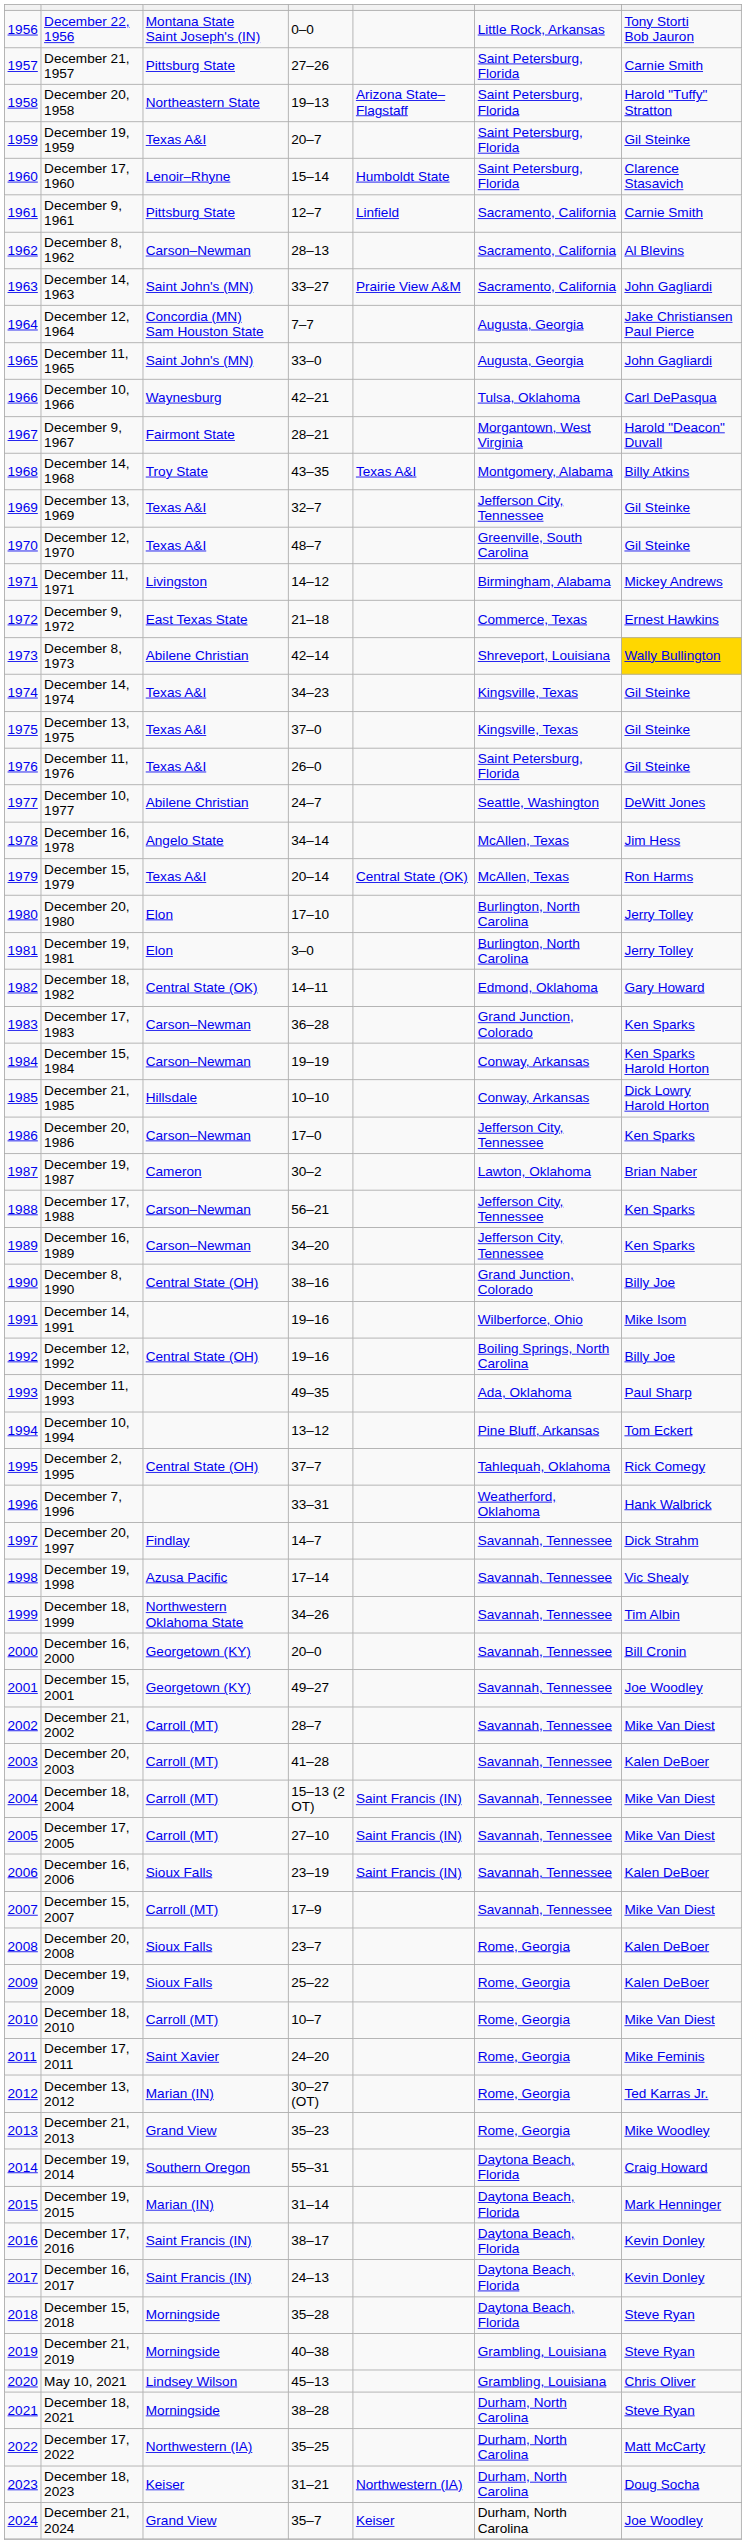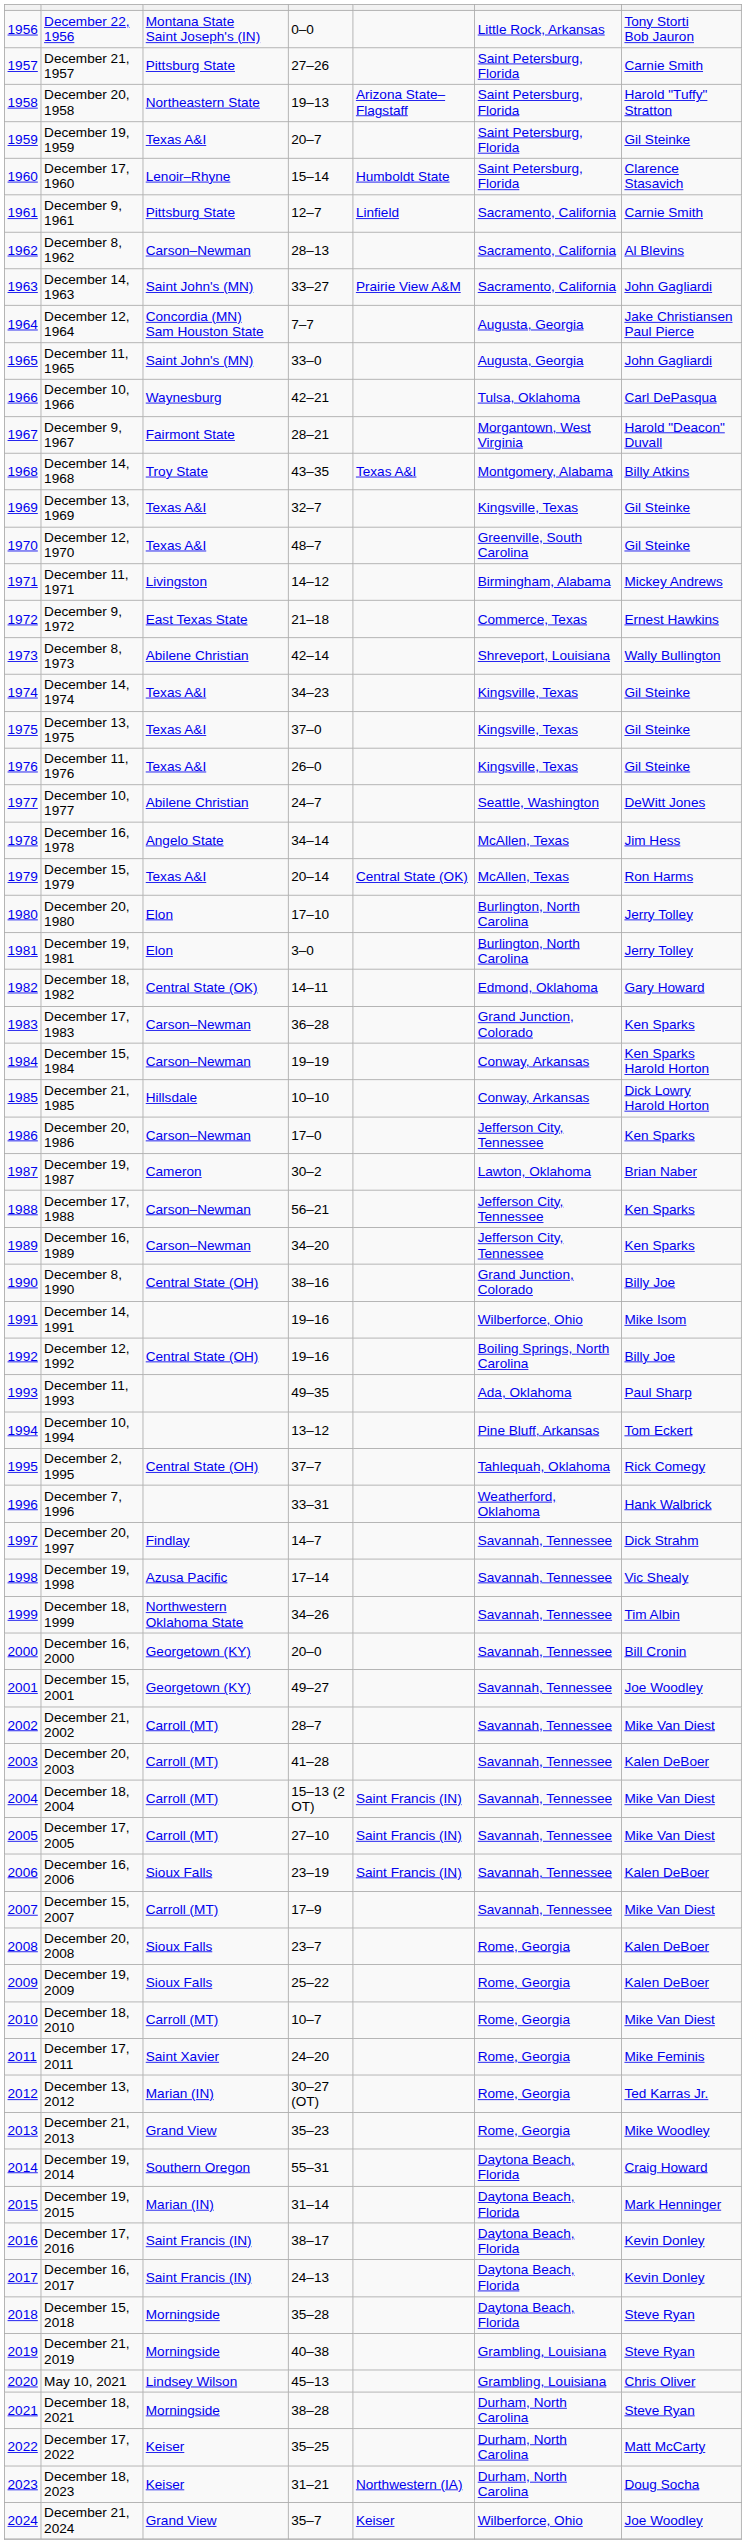 <table class="wikitable sortable">
 <tr>
 <th></th>
 <th></th>
 <th></th>
 <th></th>
 <th></th>
 <th></th>
 <th></th>
 </tr>
 <tr>
 <td><a href='#'>1956</a></td>
 <td><a href='#'>December 22, 1956</a></td>
 <td><a href='#'>Montana State</a><br> <a href='#'>Saint Joseph's (IN)</a></td>
 <td>0–0</td>
 <td></td>
 <td><a href='#'>Little Rock, Arkansas</a></td>
 <td><a href='#'>Tony Storti</a><br><a href='#'>Bob Jauron</a></td>
 </tr>
 <tr>
 <td><a href='#'>1957</a></td>
 <td>December 21, 1957</td>
 <td><a href='#'>Pittsburg State</a></td>
 <td>27–26</td>
 <td></td>
 <td><a href='#'>Saint Petersburg, Florida</a></td>
 <td><a href='#'>Carnie Smith</a></td>
 </tr>
 <tr>
 <td><a href='#'>1958</a></td>
 <td>December 20, 1958</td>
 <td><a href='#'>Northeastern State</a></td>
 <td>19–13</td>
 <td><a href='#'>Arizona State–Flagstaff</a></td>
 <td><a href='#'>Saint Petersburg, Florida</a></td>
 <td><a href='#'>Harold "Tuffy" Stratton</a></td>
 </tr>
 <tr>
 <td><a href='#'>1959</a></td>
 <td>December 19, 1959</td>
 <td><a href='#'>Texas A&I</a></td>
 <td>20–7</td>
 <td></td>
 <td><a href='#'>Saint Petersburg, Florida</a></td>
 <td><a href='#'>Gil Steinke</a></td>
 </tr>
 <tr>
 <td><a href='#'>1960</a></td>
 <td>December 17, 1960</td>
 <td><a href='#'>Lenoir–Rhyne</a></td>
 <td>15–14</td>
 <td><a href='#'>Humboldt State</a></td>
 <td><a href='#'>Saint Petersburg, Florida</a></td>
 <td><a href='#'>Clarence Stasavich</a></td>
 </tr>
 <tr>
 <td><a href='#'>1961</a></td>
 <td>December 9, 1961</td>
 <td><a href='#'>Pittsburg State</a></td>
 <td>12–7</td>
 <td><a href='#'>Linfield</a></td>
 <td><a href='#'>Sacramento, California</a></td>
 <td><a href='#'>Carnie Smith</a></td>
 </tr>
 <tr>
 <td><a href='#'>1962</a></td>
 <td>December 8, 1962</td>
 <td><a href='#'>Carson–Newman</a></td>
 <td>28–13</td>
 <td></td>
 <td><a href='#'>Sacramento, California</a></td>
 <td><a href='#'>Al Blevins</a></td>
 </tr>
 <tr>
 <td><a href='#'>1963</a></td>
 <td>December 14, 1963</td>
 <td><a href='#'>Saint John's (MN)</a></td>
 <td>33–27</td>
 <td><a href='#'>Prairie View A&M</a></td>
 <td><a href='#'>Sacramento, California</a></td>
 <td><a href='#'>John Gagliardi</a></td>
 </tr>
 <tr>
 <td><a href='#'>1964</a></td>
 <td>December 12, 1964</td>
 <td><a href='#'>Concordia (MN)</a><br><a href='#'>Sam Houston State</a></td>
 <td>7–7</td>
 <td></td>
 <td><a href='#'>Augusta, Georgia</a></td>
 <td><a href='#'>Jake Christiansen</a><br><a href='#'>Paul Pierce</a></td>
 </tr>
 <tr>
 <td><a href='#'>1965</a></td>
 <td>December 11, 1965</td>
 <td><a href='#'>Saint John's (MN)</a></td>
 <td>33–0</td>
 <td></td>
 <td><a href='#'>Augusta, Georgia</a></td>
 <td><a href='#'>John Gagliardi</a></td>
 </tr>
 <tr>
 <td><a href='#'>1966</a></td>
 <td>December 10, 1966</td>
 <td><a href='#'>Waynesburg</a></td>
 <td>42–21</td>
 <td></td>
 <td><a href='#'>Tulsa, Oklahoma</a></td>
 <td><a href='#'>Carl DePasqua</a></td>
 </tr>
 <tr>
 <td><a href='#'>1967</a></td>
 <td>December 9, 1967</td>
 <td><a href='#'>Fairmont State</a></td>
 <td>28–21</td>
 <td></td>
 <td><a href='#'>Morgantown, West Virginia</a></td>
 <td><a href='#'>Harold "Deacon" Duvall</a></td>
 </tr>
 <tr>
 <td><a href='#'>1968</a></td>
 <td>December 14, 1968</td>
 <td><a href='#'>Troy State</a></td>
 <td>43–35</td>
 <td><a href='#'>Texas A&I</a></td>
 <td><a href='#'>Montgomery, Alabama</a></td>
 <td><a href='#'>Billy Atkins</a></td>
 </tr>
 <tr>
 <td><a href='#'>1969</a></td>
 <td>December 13, 1969</td>
 <td><a href='#'>Texas A&I</a></td>
 <td>32–7</td>
 <td></td>
-<td><a href='#'>Jefferson City, Tennessee</a></td>
+<td><a href='#'>Kingsville, Texas</a></td>
 <td><a href='#'>Gil Steinke</a></td>
 </tr>
 <tr>
 <td><a href='#'>1970</a></td>
 <td>December 12, 1970</td>
 <td><a href='#'>Texas A&I</a></td>
 <td>48–7</td>
 <td></td>
 <td><a href='#'>Greenville, South Carolina</a></td>
 <td><a href='#'>Gil Steinke</a></td>
 </tr>
 <tr>
 <td><a href='#'>1971</a></td>
 <td>December 11, 1971</td>
 <td><a href='#'>Livingston</a></td>
 <td>14–12</td>
 <td></td>
 <td><a href='#'>Birmingham, Alabama</a></td>
 <td><a href='#'>Mickey Andrews</a></td>
 </tr>
 <tr>
 <td><a href='#'>1972</a></td>
 <td>December 9, 1972</td>
 <td><a href='#'>East Texas State</a></td>
 <td>21–18</td>
 <td></td>
 <td><a href='#'>Commerce, Texas</a></td>
 <td><a href='#'>Ernest Hawkins</a></td>
 </tr>
 <tr>
 <td><a href='#'>1973</a></td>
 <td>December 8, 1973</td>
 <td><a href='#'>Abilene Christian</a></td>
 <td>42–14</td>
 <td></td>
 <td><a href='#'>Shreveport, Louisiana</a></td>
-<td style="background: gold;"><a href='#'>Wally Bullington</a></td>
+<td><a href='#'>Wally Bullington</a></td>
 </tr>
 <tr>
 <td><a href='#'>1974</a></td>
 <td>December 14, 1974</td>
 <td><a href='#'>Texas A&I</a></td>
 <td>34–23</td>
 <td></td>
 <td><a href='#'>Kingsville, Texas</a></td>
 <td><a href='#'>Gil Steinke</a></td>
 </tr>
 <tr>
 <td><a href='#'>1975</a></td>
 <td>December 13, 1975</td>
 <td><a href='#'>Texas A&I</a></td>
 <td>37–0</td>
 <td></td>
 <td><a href='#'>Kingsville, Texas</a></td>
 <td><a href='#'>Gil Steinke</a></td>
 </tr>
 <tr>
 <td><a href='#'>1976</a></td>
 <td>December 11, 1976</td>
 <td><a href='#'>Texas A&I</a></td>
 <td>26–0</td>
 <td></td>
-<td><a href='#'>Saint Petersburg, Florida</a></td>
+<td><a href='#'>Kingsville, Texas</a></td>
 <td><a href='#'>Gil Steinke</a></td>
 </tr>
 <tr>
 <td><a href='#'>1977</a></td>
 <td>December 10, 1977</td>
 <td><a href='#'>Abilene Christian</a></td>
 <td>24–7</td>
 <td></td>
 <td><a href='#'>Seattle, Washington</a></td>
 <td><a href='#'>DeWitt Jones</a></td>
 </tr>
 <tr>
 <td><a href='#'>1978</a></td>
 <td>December 16, 1978</td>
 <td><a href='#'>Angelo State</a></td>
 <td>34–14</td>
 <td></td>
 <td><a href='#'>McAllen, Texas</a></td>
 <td><a href='#'>Jim Hess</a></td>
 </tr>
 <tr>
 <td><a href='#'>1979</a></td>
 <td>December 15, 1979</td>
 <td><a href='#'>Texas A&I</a></td>
 <td>20–14</td>
 <td><a href='#'>Central State (OK)</a></td>
 <td><a href='#'>McAllen, Texas</a></td>
 <td><a href='#'>Ron Harms</a></td>
 </tr>
 <tr>
 <td><a href='#'>1980</a></td>
 <td>December 20, 1980</td>
 <td><a href='#'>Elon</a></td>
 <td>17–10</td>
 <td></td>
 <td><a href='#'>Burlington, North Carolina</a></td>
 <td><a href='#'>Jerry Tolley</a></td>
 </tr>
 <tr>
 <td><a href='#'>1981</a></td>
 <td>December 19, 1981</td>
 <td><a href='#'>Elon</a></td>
 <td>3–0</td>
 <td></td>
 <td><a href='#'>Burlington, North Carolina</a></td>
 <td><a href='#'>Jerry Tolley</a></td>
 </tr>
 <tr>
 <td><a href='#'>1982</a></td>
 <td>December 18, 1982</td>
 <td><a href='#'>Central State (OK)</a></td>
 <td>14–11</td>
 <td></td>
 <td><a href='#'>Edmond, Oklahoma</a></td>
 <td><a href='#'>Gary Howard</a></td>
 </tr>
 <tr>
 <td><a href='#'>1983</a></td>
 <td>December 17, 1983</td>
 <td><a href='#'>Carson–Newman</a></td>
 <td>36–28</td>
 <td></td>
 <td><a href='#'>Grand Junction, Colorado</a></td>
 <td><a href='#'>Ken Sparks</a></td>
 </tr>
 <tr>
 <td><a href='#'>1984</a></td>
 <td>December 15, 1984</td>
 <td><a href='#'>Carson–Newman</a><br></td>
 <td>19–19</td>
 <td></td>
 <td><a href='#'>Conway, Arkansas</a></td>
 <td><a href='#'>Ken Sparks</a><br><a href='#'>Harold Horton</a></td>
 </tr>
 <tr>
 <td><a href='#'>1985</a></td>
 <td>December 21, 1985</td>
 <td><a href='#'>Hillsdale</a><br></td>
 <td>10–10</td>
 <td></td>
 <td><a href='#'>Conway, Arkansas</a></td>
 <td><a href='#'>Dick Lowry</a><br><a href='#'>Harold Horton</a></td>
 </tr>
 <tr>
 <td><a href='#'>1986</a></td>
 <td>December 20, 1986</td>
 <td><a href='#'>Carson–Newman</a></td>
 <td>17–0</td>
 <td></td>
 <td><a href='#'>Jefferson City, Tennessee</a></td>
 <td><a href='#'>Ken Sparks</a></td>
 </tr>
 <tr>
 <td><a href='#'>1987</a></td>
 <td>December 19, 1987</td>
 <td><a href='#'>Cameron</a></td>
 <td>30–2</td>
 <td></td>
 <td><a href='#'>Lawton, Oklahoma</a></td>
 <td><a href='#'>Brian Naber</a></td>
 </tr>
 <tr>
 <td><a href='#'>1988</a></td>
 <td>December 17, 1988</td>
 <td><a href='#'>Carson–Newman</a></td>
 <td>56–21</td>
 <td></td>
 <td><a href='#'>Jefferson City, Tennessee</a></td>
 <td><a href='#'>Ken Sparks</a></td>
 </tr>
 <tr>
 <td><a href='#'>1989</a></td>
 <td>December 16, 1989</td>
 <td><a href='#'>Carson–Newman</a></td>
 <td>34–20</td>
 <td></td>
 <td><a href='#'>Jefferson City, Tennessee</a></td>
 <td><a href='#'>Ken Sparks</a></td>
 </tr>
 <tr>
 <td><a href='#'>1990</a></td>
 <td>December 8, 1990</td>
 <td><a href='#'>Central State (OH)</a></td>
 <td>38–16</td>
 <td></td>
 <td><a href='#'>Grand Junction, Colorado</a></td>
 <td><a href='#'>Billy Joe</a></td>
 </tr>
 <tr>
 <td><a href='#'>1991</a></td>
 <td>December 14, 1991</td>
 <td></td>
 <td>19–16</td>
 <td></td>
 <td><a href='#'>Wilberforce, Ohio</a></td>
 <td><a href='#'>Mike Isom</a></td>
 </tr>
 <tr>
 <td><a href='#'>1992</a></td>
 <td>December 12, 1992</td>
 <td><a href='#'>Central State (OH)</a></td>
 <td>19–16</td>
 <td></td>
 <td><a href='#'>Boiling Springs, North Carolina</a></td>
 <td><a href='#'>Billy Joe</a></td>
 </tr>
 <tr>
 <td><a href='#'>1993</a></td>
 <td>December 11, 1993</td>
 <td></td>
 <td>49–35</td>
 <td></td>
 <td><a href='#'>Ada, Oklahoma</a></td>
 <td><a href='#'>Paul Sharp</a></td>
 </tr>
 <tr>
 <td><a href='#'>1994</a></td>
 <td>December 10, 1994</td>
 <td></td>
 <td>13–12</td>
 <td></td>
 <td><a href='#'>Pine Bluff, Arkansas</a></td>
 <td><a href='#'>Tom Eckert</a></td>
 </tr>
 <tr>
 <td><a href='#'>1995</a></td>
 <td>December 2, 1995</td>
 <td><a href='#'>Central State (OH)</a></td>
 <td>37–7</td>
 <td></td>
 <td><a href='#'>Tahlequah, Oklahoma</a></td>
 <td><a href='#'>Rick Comegy</a></td>
 </tr>
 <tr>
 <td><a href='#'>1996</a></td>
 <td>December 7, 1996</td>
 <td></td>
 <td>33–31</td>
 <td></td>
 <td><a href='#'>Weatherford, Oklahoma</a></td>
 <td><a href='#'>Hank Walbrick</a></td>
 </tr>
 <tr>
 <td><a href='#'>1997</a></td>
 <td>December 20, 1997</td>
 <td><a href='#'>Findlay</a></td>
 <td>14–7</td>
 <td></td>
 <td><a href='#'>Savannah, Tennessee</a></td>
 <td><a href='#'>Dick Strahm</a></td>
 </tr>
 <tr>
 <td><a href='#'>1998</a></td>
 <td>December 19, 1998</td>
 <td><a href='#'>Azusa Pacific</a></td>
 <td>17–14</td>
 <td></td>
 <td><a href='#'>Savannah, Tennessee</a></td>
 <td><a href='#'>Vic Shealy</a></td>
 </tr>
 <tr>
 <td><a href='#'>1999</a></td>
 <td>December 18, 1999</td>
 <td><a href='#'>Northwestern Oklahoma State</a></td>
 <td>34–26</td>
 <td></td>
 <td><a href='#'>Savannah, Tennessee</a></td>
 <td><a href='#'>Tim Albin</a></td>
 </tr>
 <tr>
 <td><a href='#'>2000</a></td>
 <td>December 16, 2000</td>
 <td><a href='#'>Georgetown (KY)</a></td>
 <td>20–0</td>
 <td></td>
 <td><a href='#'>Savannah, Tennessee</a></td>
 <td><a href='#'>Bill Cronin</a></td>
 </tr>
 <tr>
 <td><a href='#'>2001</a></td>
 <td>December 15, 2001</td>
 <td><a href='#'>Georgetown (KY)</a></td>
 <td>49–27</td>
 <td></td>
 <td><a href='#'>Savannah, Tennessee</a></td>
 <td><a href='#'>Joe Woodley</a></td>
 </tr>
 <tr>
 <td><a href='#'>2002</a></td>
 <td>December 21, 2002</td>
 <td><a href='#'>Carroll (MT)</a></td>
 <td>28–7</td>
 <td></td>
 <td><a href='#'>Savannah, Tennessee</a></td>
 <td><a href='#'>Mike Van Diest</a></td>
 </tr>
 <tr>
 <td><a href='#'>2003</a></td>
 <td>December 20, 2003</td>
 <td><a href='#'>Carroll (MT)</a></td>
 <td>41–28</td>
 <td></td>
 <td><a href='#'>Savannah, Tennessee</a></td>
 <td><a href='#'>Kalen DeBoer</a></td>
 </tr>
 <tr>
 <td><a href='#'>2004</a></td>
 <td>December 18, 2004</td>
 <td><a href='#'>Carroll (MT)</a></td>
 <td>15–13 (2 OT)</td>
 <td><a href='#'>Saint Francis (IN)</a></td>
 <td><a href='#'>Savannah, Tennessee</a></td>
 <td><a href='#'>Mike Van Diest</a></td>
 </tr>
 <tr>
 <td><a href='#'>2005</a></td>
 <td>December 17, 2005</td>
 <td><a href='#'>Carroll (MT)</a></td>
 <td>27–10</td>
 <td><a href='#'>Saint Francis (IN)</a></td>
 <td><a href='#'>Savannah, Tennessee</a></td>
 <td><a href='#'>Mike Van Diest</a></td>
 </tr>
 <tr>
 <td><a href='#'>2006</a></td>
 <td>December 16, 2006</td>
 <td><a href='#'>Sioux Falls</a></td>
 <td>23–19</td>
 <td><a href='#'>Saint Francis (IN)</a></td>
 <td><a href='#'>Savannah, Tennessee</a></td>
 <td><a href='#'>Kalen DeBoer</a></td>
 </tr>
 <tr>
 <td><a href='#'>2007</a></td>
 <td>December 15, 2007</td>
 <td><a href='#'>Carroll (MT)</a></td>
 <td>17–9</td>
 <td></td>
 <td><a href='#'>Savannah, Tennessee</a></td>
 <td><a href='#'>Mike Van Diest</a></td>
 </tr>
 <tr>
 <td><a href='#'>2008</a></td>
 <td>December 20, 2008</td>
 <td><a href='#'>Sioux Falls</a></td>
 <td>23–7</td>
 <td></td>
 <td><a href='#'>Rome, Georgia</a></td>
 <td><a href='#'>Kalen DeBoer</a></td>
 </tr>
 <tr>
 <td><a href='#'>2009</a></td>
 <td>December 19, 2009</td>
 <td><a href='#'>Sioux Falls</a></td>
 <td>25–22</td>
 <td></td>
 <td><a href='#'>Rome, Georgia</a></td>
 <td><a href='#'>Kalen DeBoer</a></td>
 </tr>
 <tr>
 <td><a href='#'>2010</a></td>
 <td>December 18, 2010</td>
 <td><a href='#'>Carroll (MT)</a></td>
 <td>10–7</td>
 <td></td>
 <td><a href='#'>Rome, Georgia</a></td>
 <td><a href='#'>Mike Van Diest</a></td>
 </tr>
 <tr>
 <td><a href='#'>2011</a></td>
 <td>December 17, 2011</td>
 <td><a href='#'>Saint Xavier</a></td>
 <td>24–20</td>
 <td></td>
 <td><a href='#'>Rome, Georgia</a></td>
 <td><a href='#'>Mike Feminis</a></td>
 </tr>
 <tr>
 <td><a href='#'>2012</a></td>
 <td>December 13, 2012</td>
 <td><a href='#'>Marian (IN)</a></td>
 <td>30–27 (OT)</td>
 <td></td>
 <td><a href='#'>Rome, Georgia</a></td>
 <td><a href='#'>Ted Karras Jr.</a></td>
 </tr>
 <tr>
 <td><a href='#'>2013</a></td>
 <td>December 21, 2013</td>
 <td><a href='#'>Grand View</a></td>
 <td>35–23</td>
 <td></td>
 <td><a href='#'>Rome, Georgia</a></td>
 <td><a href='#'>Mike Woodley</a></td>
 </tr>
 <tr>
 <td><a href='#'>2014</a></td>
 <td>December 19, 2014</td>
 <td><a href='#'>Southern Oregon</a></td>
 <td>55–31</td>
 <td></td>
 <td><a href='#'>Daytona Beach, Florida</a></td>
 <td><a href='#'>Craig Howard</a></td>
 </tr>
 <tr>
 <td><a href='#'>2015</a></td>
 <td>December 19, 2015</td>
 <td><a href='#'>Marian (IN)</a></td>
 <td>31–14</td>
 <td></td>
 <td><a href='#'>Daytona Beach, Florida</a></td>
 <td><a href='#'>Mark Henninger</a></td>
 </tr>
 <tr>
 <td><a href='#'>2016</a></td>
 <td>December 17, 2016</td>
 <td><a href='#'>Saint Francis (IN)</a></td>
 <td>38–17</td>
 <td></td>
 <td><a href='#'>Daytona Beach, Florida</a></td>
 <td><a href='#'>Kevin Donley</a></td>
 </tr>
 <tr>
 <td><a href='#'>2017</a></td>
 <td>December 16, 2017</td>
 <td><a href='#'>Saint Francis (IN)</a></td>
 <td>24–13</td>
 <td></td>
 <td><a href='#'>Daytona Beach, Florida</a></td>
 <td><a href='#'>Kevin Donley</a></td>
 </tr>
 <tr>
 <td><a href='#'>2018</a></td>
 <td>December 15, 2018</td>
 <td><a href='#'>Morningside</a></td>
 <td>35–28</td>
 <td></td>
 <td><a href='#'>Daytona Beach, Florida</a></td>
 <td><a href='#'>Steve Ryan</a></td>
 </tr>
 <tr>
 <td><a href='#'>2019</a></td>
 <td>December 21, 2019</td>
 <td><a href='#'>Morningside</a></td>
 <td>40–38</td>
 <td></td>
 <td><a href='#'>Grambling, Louisiana</a></td>
 <td><a href='#'>Steve Ryan</a></td>
 </tr>
 <tr>
 <td><a href='#'>2020</a></td>
 <td>May 10, 2021</td>
 <td><a href='#'>Lindsey Wilson</a></td>
 <td>45–13</td>
 <td></td>
 <td><a href='#'>Grambling, Louisiana</a></td>
 <td><a href='#'>Chris Oliver</a></td>
 </tr>
 <tr>
 <td><a href='#'>2021</a></td>
 <td>December 18, 2021</td>
 <td><a href='#'>Morningside</a></td>
 <td>38–28</td>
 <td></td>
 <td><a href='#'>Durham, North Carolina</a></td>
 <td><a href='#'>Steve Ryan</a></td>
 </tr>
 <tr>
 <td><a href='#'>2022</a></td>
 <td>December 17, 2022</td>
-<td><a href='#'>Northwestern (IA)</a></td>
+<td><a href='#'>Keiser</a></td>
 <td>35–25</td>
 <td></td>
 <td><a href='#'>Durham, North Carolina</a></td>
 <td><a href='#'>Matt McCarty</a></td>
 </tr>
 <tr>
 <td><a href='#'>2023</a></td>
 <td>December 18, 2023</td>
 <td><a href='#'>Keiser</a></td>
 <td>31–21</td>
 <td><a href='#'>Northwestern (IA)</a></td>
 <td><a href='#'>Durham, North Carolina</a></td>
 <td><a href='#'>Doug Socha</a></td>
 </tr>
 <tr>
 <td><a href='#'>2024</a></td>
 <td>December 21, 2024</td>
 <td><a href='#'>Grand View</a></td>
 <td>35–7</td>
 <td><a href='#'>Keiser</a></td>
-<td>Durham, North Carolina</td>
+<td><a href='#'>Wilberforce, Ohio</a></td>
 <td><a href='#'>Joe Woodley</a></td>
 </tr>
 <tr>
 </tr>
 </table>
